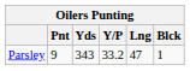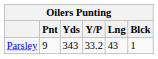 <table class="wikitable">
 <tr>
 <th colspan="6">Oilers Punting</th>
 </tr>
 <tr>
 <th></th>
 <th>Pnt</th>
 <th>Yds</th>
 <th>Y/P</th>
 <th>Lng</th>
 <th>Blck</th>
 </tr>
 <tr>
 <td><a href='#'>Parsley</a></td>
 <td>9</td>
 <td>343</td>
 <td>33.2</td>
-<td>47</td>
+<td>43</td>
 <td>1</td>
 </tr>
 </table>
